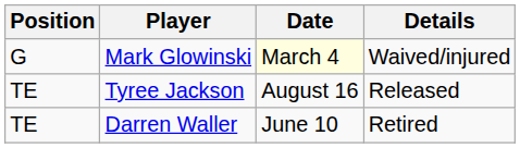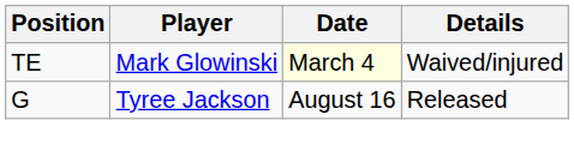 <table class="wikitable">
 <tr>
 <th>Position</th>
 <th>Player</th>
 <th>Date</th>
 <th>Details</th>
 </tr>
 <tr>
-<td>G</td>
+<td>TE</td>
 <td><a href='#'>Mark Glowinski</a></td>
 <td style="background: lightyellow;">March 4</td>
 <td>Waived/injured</td>
 </tr>
 <tr>
-<td>TE</td>
+<td>G</td>
 <td><a href='#'>Tyree Jackson</a></td>
 <td>August 16</td>
 <td>Released</td>
 </tr>
-<tr>
-<td>TE</td>
-<td><a href='#'>Darren Waller</a></td>
-<td>June 10</td>
-<td>Retired</td>
-</tr>
 </table>
